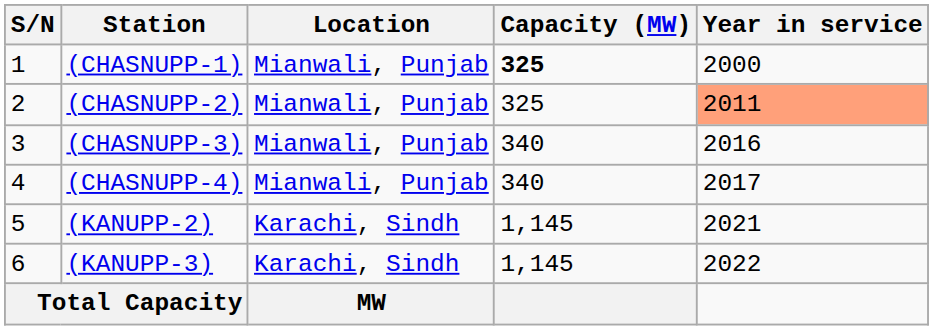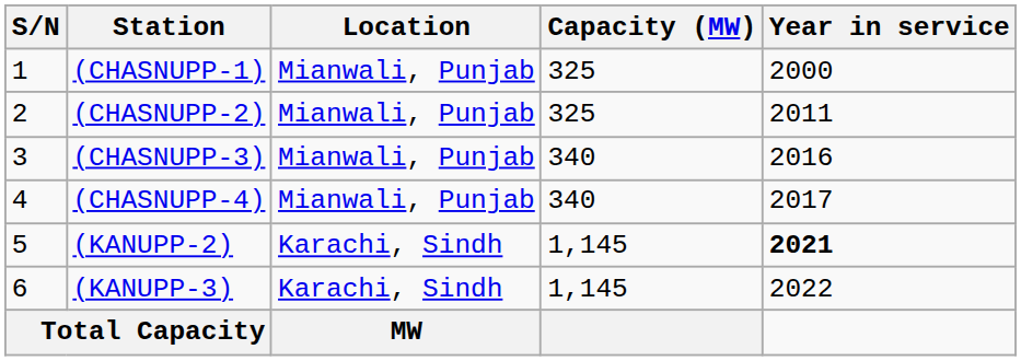 <table class="wikitable sortable">
 <tr>
 <th>S/N</th>
 <th>Station</th>
 <th>Location</th>
 <th>Capacity (<a href='#'>MW</a>)</th>
 <th>Year in service</th>
 </tr>
 <tr>
 <td>1</td>
 <td><a href='#'>(CHASNUPP-1)</a></td>
 <td><a href='#'>Mianwali</a>, <a href='#'>Punjab</a></td>
-<td><strong>325</strong></td>
+<td>325</td>
 <td>2000</td>
 </tr>
 <tr>
 <td>2</td>
 <td><a href='#'>(CHASNUPP-2)</a></td>
 <td><a href='#'>Mianwali</a>, <a href='#'>Punjab</a></td>
 <td>325</td>
-<td style="background: lightsalmon;">2011</td>
+<td>2011</td>
 </tr>
 <tr>
 <td>3</td>
 <td><a href='#'>(CHASNUPP-3)</a></td>
 <td><a href='#'>Mianwali</a>, <a href='#'>Punjab</a></td>
 <td>340</td>
 <td>2016</td>
 </tr>
 <tr>
 <td>4</td>
 <td><a href='#'>(CHASNUPP-4)</a></td>
 <td><a href='#'>Mianwali</a>, <a href='#'>Punjab</a></td>
 <td>340</td>
 <td>2017</td>
 </tr>
 <tr>
 <td>5</td>
 <td><a href='#'>(KANUPP-2)</a></td>
 <td><a href='#'>Karachi</a>, <a href='#'>Sindh</a></td>
 <td>1,145</td>
-<td>2021</td>
+<td><strong>2021</strong></td>
 </tr>
 <tr>
 <td>6</td>
 <td><a href='#'>(KANUPP-3)</a></td>
 <td><a href='#'>Karachi</a>, <a href='#'>Sindh</a></td>
 <td>1,145</td>
 <td>2022</td>
 </tr>
 <tr>
 <th colspan="2" style="text-align:right;"><strong>Total Capacity</strong></th>
 <th colspan="1" style="text-align:center;"><strong> MW</strong></th>
 <th colspan="1"></th>
 </tr>
 </table>
